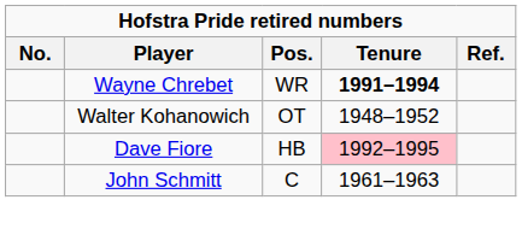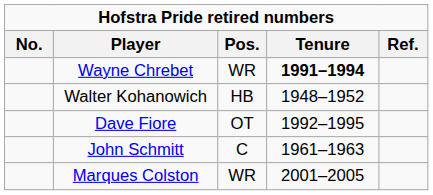 <table class="wikitable sortable" style="text-align:center">
 <tr>
 <td colspan="5"><strong>Hofstra Pride retired numbers</strong></td>
 </tr>
 <tr>
 <th width=40px>No.</th>
 <th width=150px>Player</th>
 <th width=40px>Pos.</th>
 <th width=100px>Tenure</th>
 <th width=40px>Ref.</th>
 </tr>
 <tr>
 <td></td>
 <td><a href='#'>Wayne Chrebet</a></td>
 <td>WR</td>
 <td><strong>1991–1994</strong></td>
 <td></td>
 </tr>
 <tr>
 <td></td>
 <td>Walter Kohanowich</td>
-<td>OT</td>
+<td>HB</td>
 <td>1948–1952</td>
 <td></td>
 </tr>
 <tr>
 <td></td>
 <td><a href='#'>Dave Fiore</a></td>
-<td>HB</td>
-<td style="background: pink;">1992–1995</td>
+<td>OT</td>
+<td>1992–1995</td>
 <td></td>
 </tr>
 <tr>
 <td></td>
 <td><a href='#'>John Schmitt</a></td>
 <td>C</td>
 <td>1961–1963</td>
 <td></td>
 </tr>
+<tr>
+<td></td>
+<td><a href='#'>Marques Colston</a></td>
+<td>WR</td>
+<td>2001–2005</td>
+<td></td>
+</tr>
 </table>
